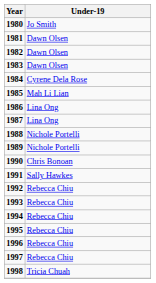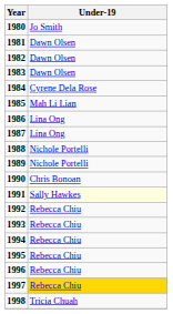 <table class="wikitable sortable" style="font-size: 85%">
 <tr>
 <th>Year</th>
 <th width=200>Under-19</th>
 </tr>
 <tr>
 <td><strong>1980</strong></td>
 <td> <a href='#'>Jo Smith</a></td>
 </tr>
 <tr>
 <td><strong>1981</strong></td>
 <td> <a href='#'>Dawn Olsen</a></td>
 </tr>
 <tr>
 <td><strong>1982</strong></td>
 <td> <a href='#'>Dawn Olsen</a></td>
 </tr>
 <tr>
 <td><strong>1983</strong></td>
 <td> <a href='#'>Dawn Olsen</a></td>
 </tr>
 <tr>
 <td><strong>1984</strong></td>
 <td> <a href='#'>Cyrene Dela Rose</a></td>
 </tr>
 <tr>
 <td><strong>1985</strong></td>
 <td> <a href='#'>Mah Li Lian</a></td>
 </tr>
 <tr>
 <td><strong>1986</strong></td>
 <td> <a href='#'>Lina Ong</a></td>
 </tr>
 <tr>
 <td><strong>1987</strong></td>
 <td> <a href='#'>Lina Ong</a></td>
 </tr>
 <tr>
 <td><strong>1988</strong></td>
 <td> <a href='#'>Nichole Portelli</a></td>
 </tr>
 <tr>
 <td><strong>1989</strong></td>
 <td> <a href='#'>Nichole Portelli</a></td>
 </tr>
 <tr>
 <td><strong>1990</strong></td>
 <td> <a href='#'>Chris Bonoan</a></td>
 </tr>
 <tr>
 <td><strong>1991</strong></td>
-<td> <a href='#'>Sally Hawkes</a></td>
+<td style="background: lightyellow;"> <a href='#'>Sally Hawkes</a></td>
 </tr>
 <tr>
 <td><strong>1992</strong></td>
 <td> <a href='#'>Rebecca Chiu</a></td>
 </tr>
 <tr>
 <td><strong>1993</strong></td>
 <td> <a href='#'>Rebecca Chiu</a></td>
 </tr>
 <tr>
 <td><strong>1994</strong></td>
 <td> <a href='#'>Rebecca Chiu</a></td>
 </tr>
 <tr>
 <td><strong>1995</strong></td>
 <td> <a href='#'>Rebecca Chiu</a></td>
 </tr>
 <tr>
 <td><strong>1996</strong></td>
 <td> <a href='#'>Rebecca Chiu</a></td>
 </tr>
 <tr>
 <td><strong>1997</strong></td>
-<td> <a href='#'>Rebecca Chiu</a></td>
+<td style="background: gold;"> <a href='#'>Rebecca Chiu</a></td>
 </tr>
 <tr>
 <td><strong>1998</strong></td>
 <td> <a href='#'>Tricia Chuah</a></td>
 </tr>
 <tr>
 </tr>
 </table>
